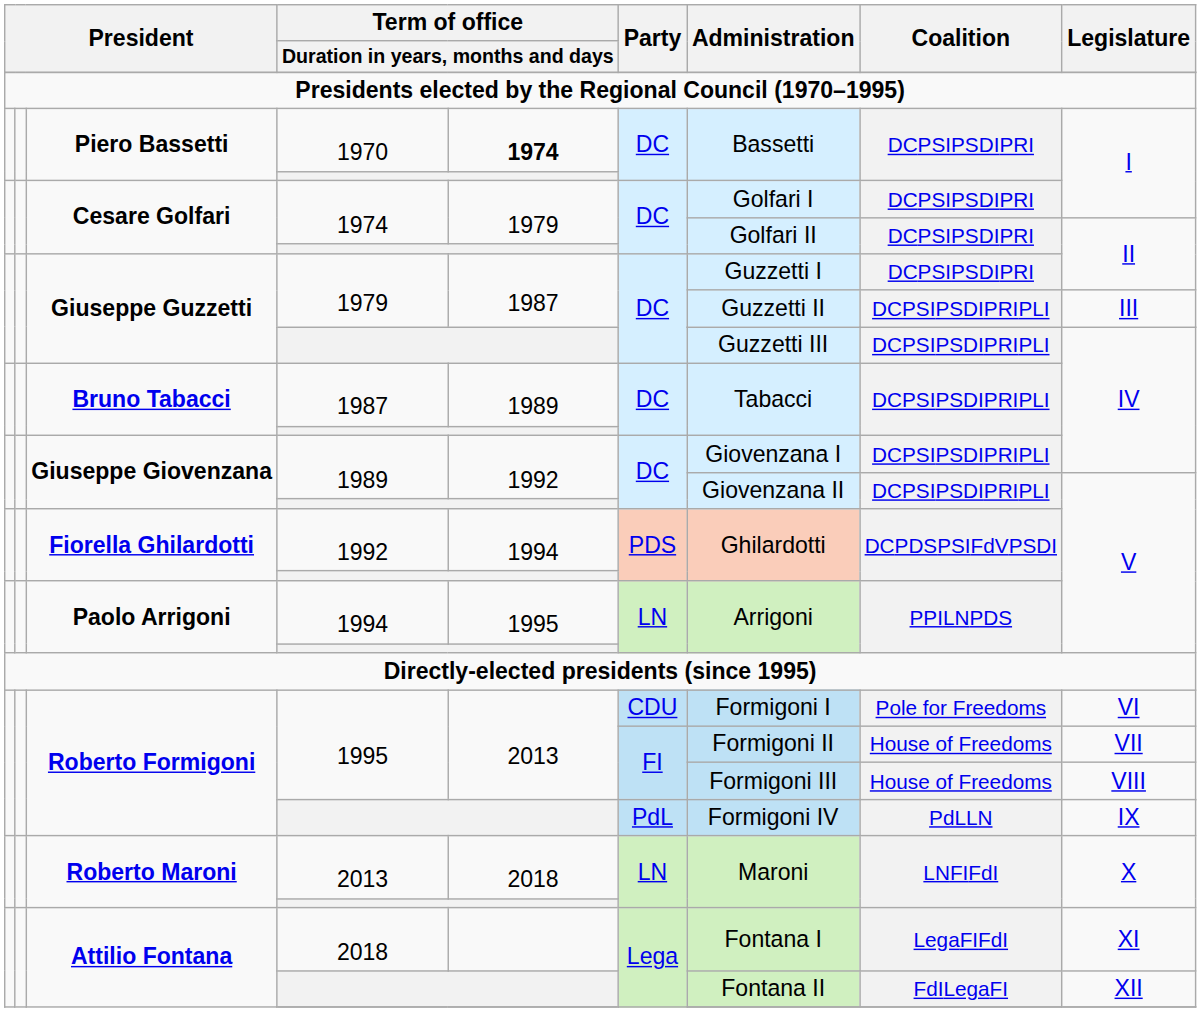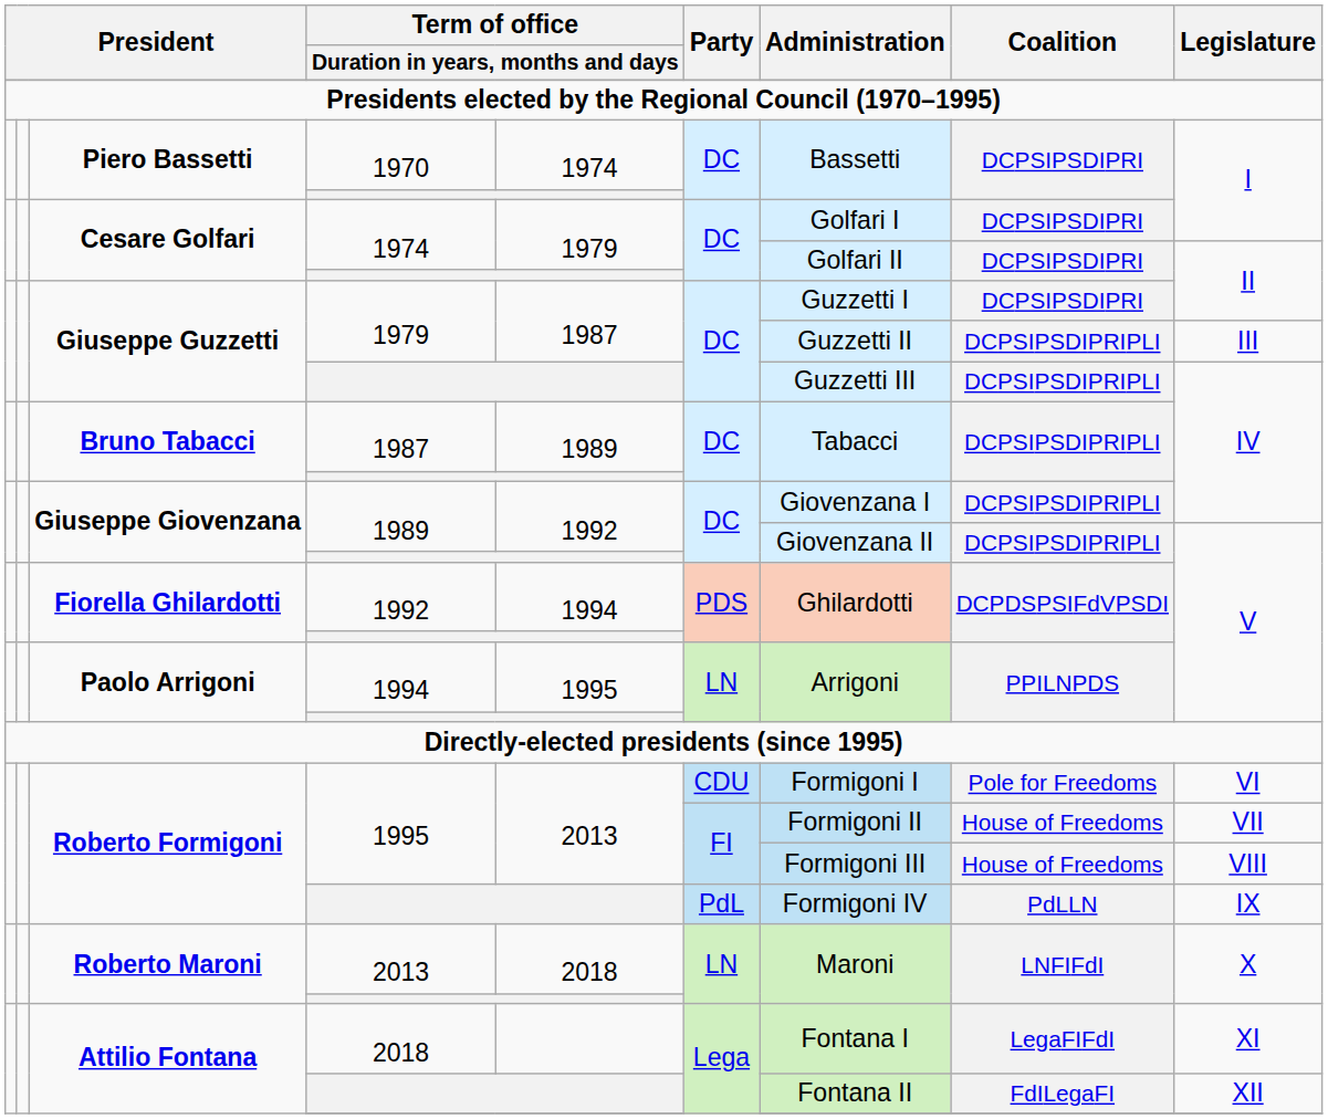 <table class="wikitable" style="text-align:center">
 <tr>
 <th rowspan=2 colspan=3>President</th>
 <th colspan=2>Term of office</th>
 <th rowspan=2>Party</th>
 <th rowspan=2>Administration</th>
 <th rowspan=2 style="font-size:100%; line-height:normal">Coalition</th>
 <th rowspan=2>Legislature</th>
 </tr>
 <tr>
 <th colspan=2 style="font-size:85%; line-height:normal">Duration in years, months and days</th>
 </tr>
 <tr>
 </tr>
 <tr>
 <td colspan=9><strong>Presidents elected by the Regional Council (1970–1995)</strong></td>
 </tr>
 <tr>
 <td rowspan=2><strong></strong></td>
 <td rowspan=2></td>
 <td rowspan=2><strong>Piero Bassetti</strong><br></td>
 <td><br>1970</td>
-<td><strong><br>1974</strong></td>
+<td><br>1974</td>
 <td rowspan=2 bgcolor=#D5EFFF><a href='#'>DC</a></td>
 <td rowspan=2 bgcolor=#D5EFFF>Bassetti</td>
 <th rowspan=2 style="font-weight:normal; text-align:center; font-size:90%"><a href='#'>DC</a><a href='#'>PSI</a><a href='#'>PSDI</a><a href='#'>PRI</a></th>
 <td rowspan=3><a href='#'>I<br></a></td>
 </tr>
 <tr>
 <th colspan=2 style="font-weight:normal; text-align:center; font-size:90%"></th>
 </tr>
 <tr>
 <td rowspan=3><strong></strong></td>
 <td rowspan=3></td>
 <td rowspan=3><strong>Cesare Golfari</strong><br></td>
 <td rowspan=2><br>1974</td>
 <td rowspan=2><br>1979</td>
 <td rowspan=3 bgcolor=#D5EFFF><a href='#'>DC</a></td>
 <td bgcolor=#D5EFFF>Golfari I</td>
 <th style="font-weight:normal; text-align:center; font-size:90%"><a href='#'>DC</a><a href='#'>PSI</a><a href='#'>PSDI</a><a href='#'>PRI</a></th>
 </tr>
 <tr>
 <td rowspan=2 bgcolor=#D5EFFF>Golfari II</td>
 <th rowspan=2 style="font-weight:normal; text-align:center; font-size:90%"><a href='#'>DC</a><a href='#'>PSI</a><a href='#'>PSDI</a><a href='#'>PRI</a></th>
 <td rowspan=3><a href='#'>II<br></a></td>
 </tr>
 <tr>
 <th colspan=2 style="font-weight:normal; text-align:center; font-size:90%"></th>
 </tr>
 <tr>
 <td rowspan=4><strong></strong></td>
 <td rowspan=4></td>
 <td rowspan=4><strong>Giuseppe Guzzetti</strong><br></td>
 <td rowspan=3><br>1979</td>
 <td rowspan=3><br>1987</td>
 <td rowspan=4 bgcolor=#D5EFFF><a href='#'>DC</a></td>
 <td bgcolor=#D5EFFF>Guzzetti I</td>
 <th style="font-weight:normal; text-align:center; font-size:90%"><a href='#'>DC</a><a href='#'>PSI</a><a href='#'>PSDI</a><a href='#'>PRI</a></th>
 </tr>
 <tr>
 <td bgcolor=#D5EFFF>Guzzetti II</td>
 <th style="font-weight:normal; text-align:center; font-size:90%"><a href='#'>DC</a><a href='#'>PSI</a><a href='#'>PSDI</a><a href='#'>PRI</a><a href='#'>PLI</a></th>
 <td><a href='#'>III<br></a></td>
 </tr>
 <tr>
 <td rowspan=2 bgcolor=#D5EFFF>Guzzetti III</td>
 <th rowspan=2 style="font-weight:normal; text-align:center; font-size:90%"><a href='#'>DC</a><a href='#'>PSI</a><a href='#'>PSDI</a><a href='#'>PRI</a><a href='#'>PLI</a></th>
 <td rowspan=5><a href='#'>IV<br></a></td>
 </tr>
 <tr>
 <th colspan=2 style="font-weight:normal; text-align:center; font-size:90%"></th>
 </tr>
 <tr>
 <td rowspan=2><strong></strong></td>
 <td rowspan=2></td>
 <td rowspan=2><strong><a href='#'>Bruno Tabacci</a></strong><br></td>
 <td><br>1987</td>
 <td><br>1989</td>
 <td rowspan=2 bgcolor=#D5EFFF><a href='#'>DC</a></td>
 <td rowspan=2 bgcolor=#D5EFFF>Tabacci</td>
 <th rowspan=2 style="font-weight:normal; text-align:center; font-size:90%"><a href='#'>DC</a><a href='#'>PSI</a><a href='#'>PSDI</a><a href='#'>PRI</a><a href='#'>PLI</a></th>
 </tr>
 <tr>
 <th colspan=2 style="font-weight:normal; text-align:center; font-size:90%"></th>
 </tr>
 <tr>
 <td rowspan=3><strong></strong></td>
 <td rowspan=3></td>
 <td rowspan=3><strong>Giuseppe Giovenzana</strong><br></td>
 <td rowspan=2><br>1989</td>
 <td rowspan=2><br>1992</td>
 <td rowspan=3 bgcolor=#D5EFFF><a href='#'>DC</a></td>
 <td bgcolor=#D5EFFF>Giovenzana I</td>
 <th style="font-weight:normal; text-align:center; font-size:90%"><a href='#'>DC</a><a href='#'>PSI</a><a href='#'>PSDI</a><a href='#'>PRI</a><a href='#'>PLI</a></th>
 </tr>
 <tr>
 <td rowspan=2 bgcolor=#D5EFFF>Giovenzana II</td>
 <th rowspan=2 style="font-weight:normal; text-align:center; font-size:90%"><a href='#'>DC</a><a href='#'>PSI</a><a href='#'>PSDI</a><a href='#'>PRI</a><a href='#'>PLI</a></th>
 <td rowspan=6><a href='#'>V<br></a></td>
 </tr>
 <tr>
 <th colspan=2 style="font-weight:normal; text-align:center; font-size:90%"></th>
 </tr>
 <tr>
 <td rowspan=2><strong></strong></td>
 <td rowspan=2></td>
 <td rowspan=2><strong><a href='#'>Fiorella Ghilardotti</a></strong><br></td>
 <td><br>1992</td>
 <td><br>1994</td>
 <td rowspan=2 bgcolor=#FACDBA><a href='#'>PDS</a></td>
 <td rowspan=2 bgcolor=#FACDBA>Ghilardotti</td>
 <th rowspan=2 style="font-weight:normal; text-align:center; font-size:90%"><a href='#'>DC</a><a href='#'>PDS</a><a href='#'>PSI</a><a href='#'>FdV</a><a href='#'>PSDI</a></th>
 </tr>
 <tr>
 <th colspan=2 style="font-weight:normal; text-align:center; font-size:90%"></th>
 </tr>
 <tr>
 <td rowspan=2><strong></strong></td>
 <td rowspan=2></td>
 <td rowspan=2><strong>Paolo Arrigoni</strong><br></td>
 <td><br>1994</td>
 <td><br>1995</td>
 <td rowspan=2 bgcolor=#D0F0C0><a href='#'>LN</a></td>
 <td rowspan=2 bgcolor=#D0F0C0>Arrigoni</td>
 <th rowspan=2 style="font-weight:normal; text-align:center; font-size:90%"><a href='#'>PPI</a><a href='#'>LN</a><a href='#'>PDS</a></th>
 </tr>
 <tr>
 <th colspan=2 style="font-weight:normal; text-align:center; font-size:90%"></th>
 </tr>
 <tr>
 <td colspan=9><strong>Directly-elected presidents (since 1995)</strong></td>
 </tr>
 <tr>
 <td rowspan=5><strong></strong></td>
 <td rowspan=5></td>
 <td rowspan=5><strong><a href='#'>Roberto Formigoni</a></strong><br></td>
 <td rowspan=4><br>1995</td>
 <td rowspan=4><br>2013</td>
 <td rowspan=1 bgcolor=#BEE1F5><a href='#'>CDU</a></td>
 <td bgcolor=#BEE1F5>Formigoni I</td>
 <th style="font-weight:normal; text-align:center; font-size:90%"><a href='#'>Pole for Freedoms</a><br></th>
 <td><a href='#'>VI<br></a></td>
 </tr>
 <tr>
 <td rowspan=2 bgcolor=#BEE1F5><a href='#'>FI</a></td>
 <td bgcolor=#BEE1F5>Formigoni II</td>
 <th style="font-weight:normal; text-align:center; font-size:90%"><a href='#'>House of Freedoms</a><br></th>
 <td><a href='#'>VII<br></a></td>
 </tr>
 <tr>
 <td bgcolor=#BEE1F5>Formigoni III</td>
 <th style="font-weight:normal; text-align:center; font-size:90%"><a href='#'>House of Freedoms</a><br></th>
 <td><a href='#'>VIII<br></a></td>
 </tr>
 <tr>
 <td rowspan=2 bgcolor=#BEE1F5><a href='#'>PdL</a></td>
 <td rowspan=2 bgcolor=#BEE1F5>Formigoni IV</td>
 <th rowspan=2 style="font-weight:normal; text-align:center; font-size:90%"><a href='#'>PdL</a><a href='#'>LN</a></th>
 <td rowspan=2><a href='#'>IX<br></a></td>
 </tr>
 <tr>
 <th colspan=2 style="font-weight:normal; text-align:center; font-size:90%"></th>
 </tr>
 <tr>
 <td rowspan=2><strong></strong></td>
 <td rowspan=2></td>
 <td rowspan=2><strong><a href='#'>Roberto Maroni</a></strong><br></td>
 <td><br>2013</td>
 <td><br>2018</td>
 <td rowspan=2 bgcolor=#D0F0C0><a href='#'>LN</a></td>
 <td rowspan=2 bgcolor=#D0F0C0>Maroni</td>
 <th rowspan=2 style="font-weight:normal; text-align:center; font-size:90%"><a href='#'>LN</a><a href='#'>FI</a><a href='#'>FdI</a></th>
 <td rowspan=2><a href='#'>X<br></a></td>
 </tr>
 <tr>
 <th colspan=2 style="font-weight:normal; text-align:center; font-size:90%"></th>
 </tr>
 <tr>
 <td rowspan=3><strong></strong></td>
 <td rowspan=3></td>
 <td rowspan=3><strong><a href='#'>Attilio Fontana</a></strong><br></td>
 <td><br>2018</td>
 <td></td>
 <td rowspan=3 bgcolor=#D0F0C0><a href='#'>Lega</a></td>
 <td bgcolor=#D0F0C0>Fontana I</td>
 <th style="font-weight:normal; text-align:center; font-size:90%"><a href='#'>Lega</a><a href='#'>FI</a><a href='#'>FdI</a></th>
 <td><a href='#'>XI<br></a></td>
 </tr>
 <tr>
 <th colspan=2 style="font-weight:normal; text-align:center; font-size:90%"></th>
 <td bgcolor=#D0F0C0>Fontana II</td>
 <th style="font-weight:normal; text-align:center; font-size:90%"><a href='#'>FdI</a><a href='#'>Lega</a><a href='#'>FI</a></th>
 <td><a href='#'>XII<br></a></td>
 </tr>
 <tr>
 </tr>
 </table>
